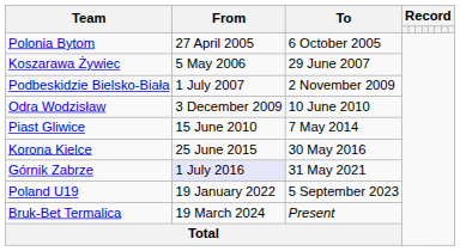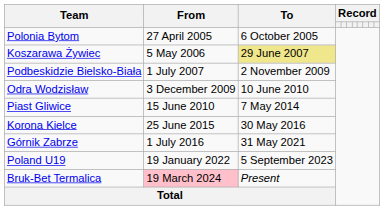 <table class="wikitable" style="text-align: center;">
 <tr>
 <th rowspan="2">Team</th>
 <th rowspan="2">From</th>
 <th rowspan="2">To</th>
 <th colspan="8">Record</th>
 </tr>
 <tr>
 <th></th>
 <th></th>
 <th></th>
 <th></th>
 <th></th>
 <th></th>
 <th></th>
 <th></th>
 </tr>
 <tr>
 <td align=left><a href='#'>Polonia Bytom</a></td>
 <td align=left>27 April 2005</td>
 <td align=left>6 October 2005<br></td>
 </tr>
 <tr>
 <td align=left><a href='#'>Koszarawa Żywiec</a></td>
 <td align=left>5 May 2006</td>
-<td align=left>29 June 2007<br></td>
+<td align=left style="background: khaki;">29 June 2007<br></td>
 </tr>
 <tr>
 <td align=left><a href='#'>Podbeskidzie Bielsko-Biała</a></td>
 <td align=left>1 July 2007</td>
 <td align=left>2 November 2009<br></td>
 </tr>
 <tr>
 <td align=left><a href='#'>Odra Wodzisław</a></td>
 <td align=left>3 December 2009</td>
 <td align=left>10 June 2010<br></td>
 </tr>
 <tr>
 <td align=left><a href='#'>Piast Gliwice</a></td>
 <td align=left>15 June 2010</td>
 <td align=left>7 May 2014<br></td>
 </tr>
 <tr>
 <td align=left><a href='#'>Korona Kielce</a></td>
 <td align=left>25 June 2015</td>
 <td align=left>30 May 2016<br></td>
 </tr>
 <tr>
 <td align=left><a href='#'>Górnik Zabrze</a></td>
-<td align=left style="background: lavender;">1 July 2016</td>
+<td align=left>1 July 2016</td>
 <td align=left>31 May 2021<br></td>
 </tr>
 <tr>
 <td align=left><a href='#'>Poland U19</a></td>
 <td align=left>19 January 2022</td>
 <td align=left>5 September 2023<br></td>
 </tr>
 <tr>
 <td align=left><a href='#'>Bruk-Bet Termalica</a></td>
-<td align=left>19 March 2024</td>
+<td align=left style="background: pink;">19 March 2024</td>
 <td align=left><em>Present</em><br></td>
 </tr>
 <tr>
 <th colspan="3">Total<br></th>
 </tr>
 </table>
